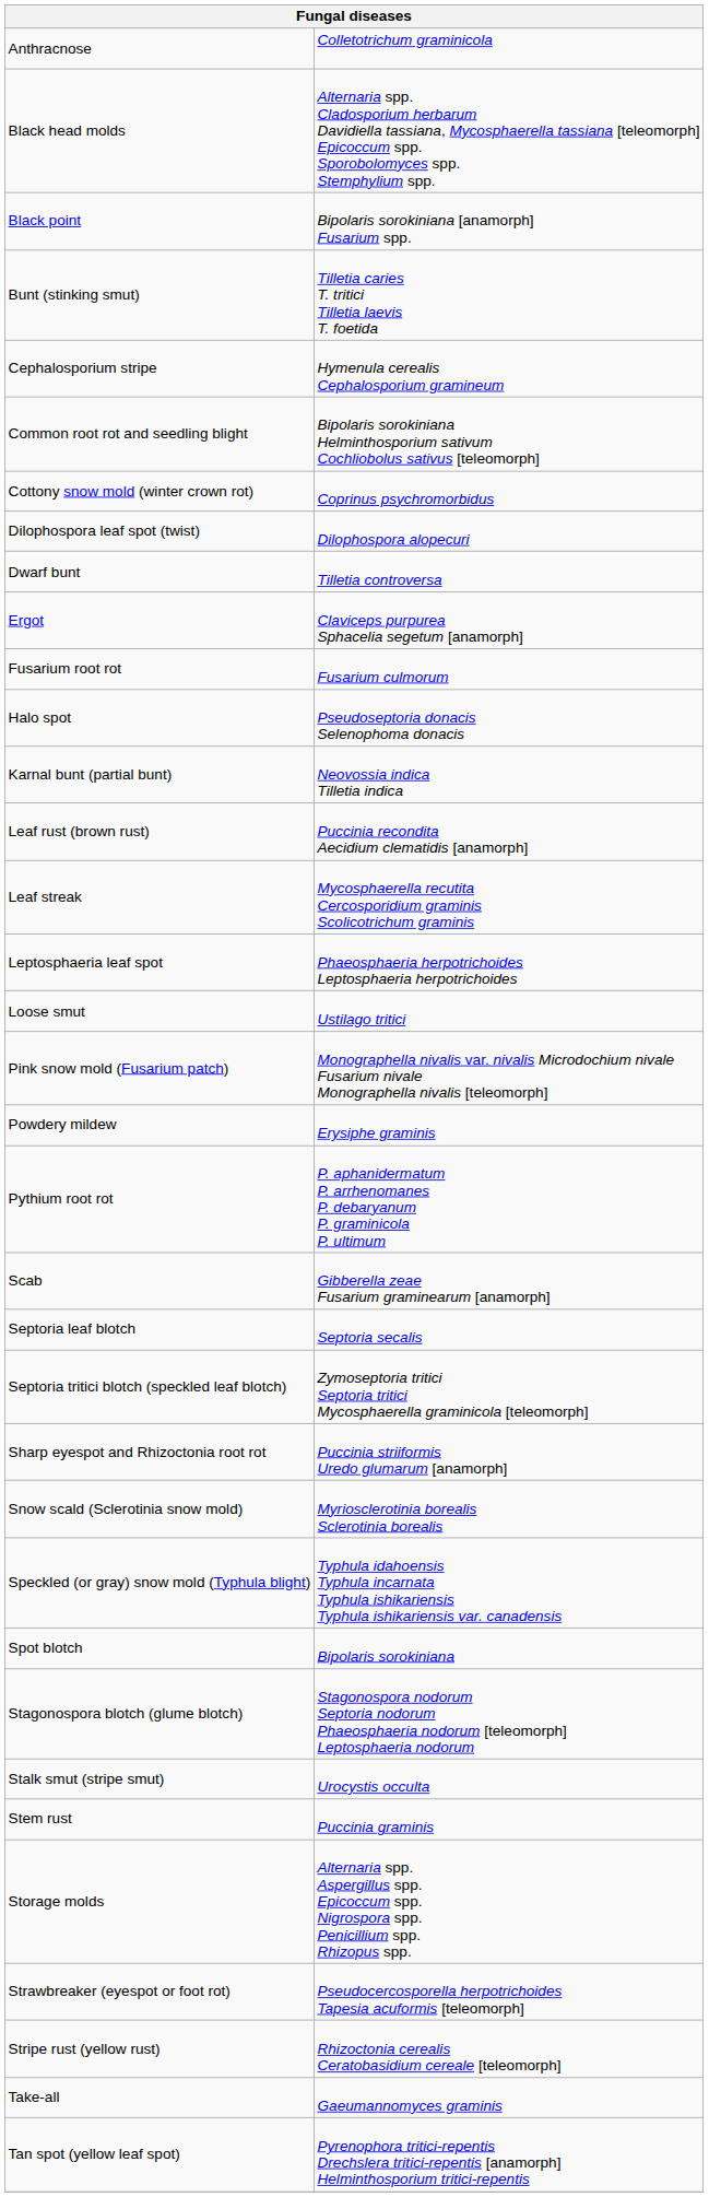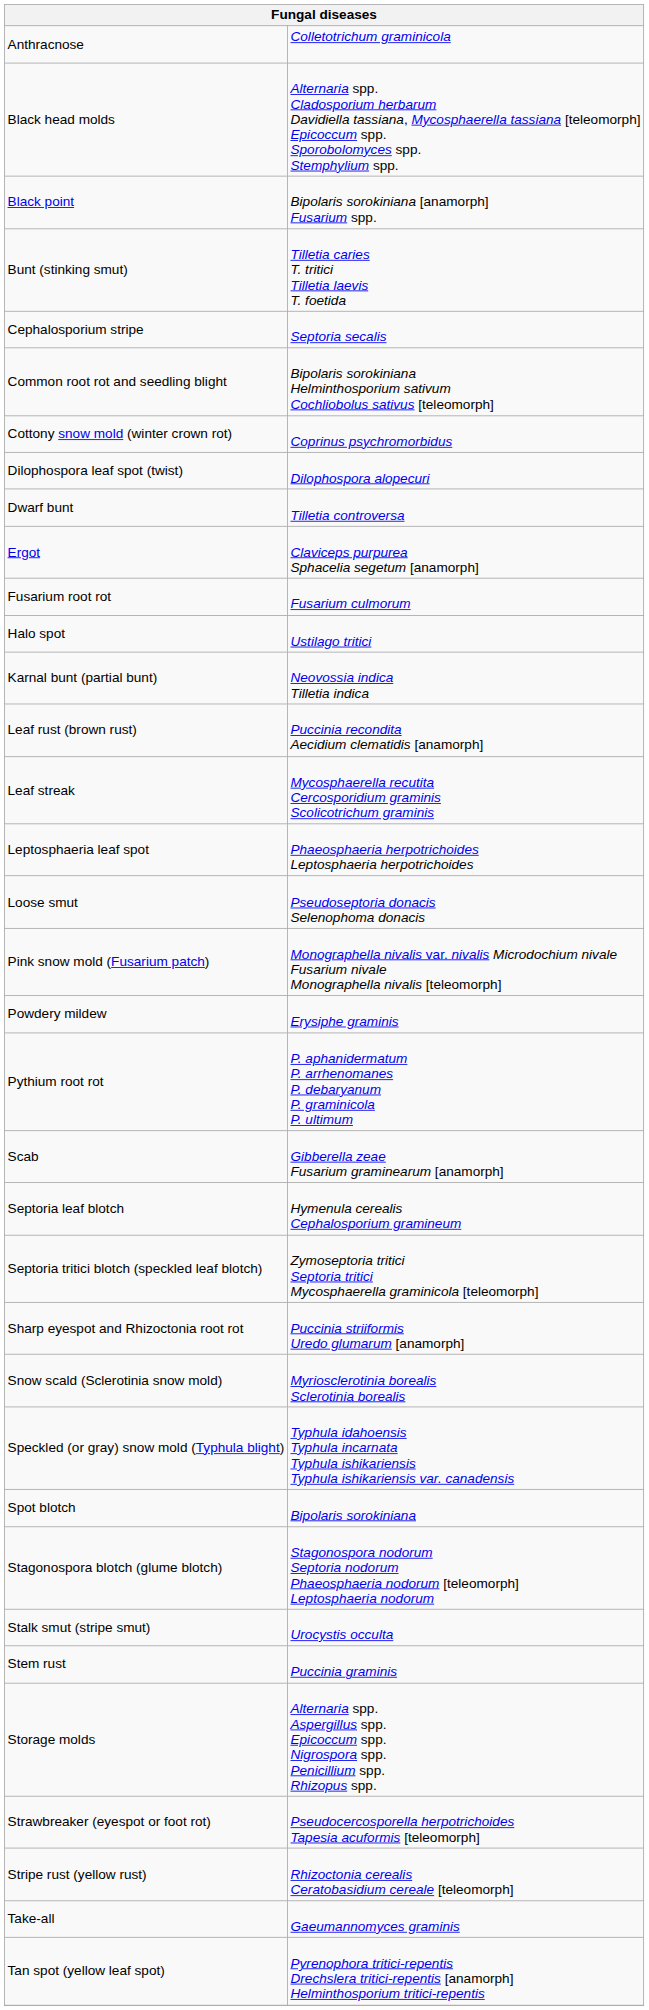 <table class="wikitable" style="clear">
 <tr>
 <th colspan=2><strong>Fungal diseases</strong><br></th>
 </tr>
 <tr>
 <td>Anthracnose</td>
 <td><em><a href='#'>Colletotrichum graminicola</a></em><br><br></td>
 </tr>
 <tr>
 <td>Black head molds</td>
 <td><br><em><a href='#'>Alternaria</a></em> spp. <br> <em><a href='#'>Cladosporium herbarum</a></em><br> <em>Davidiella tassiana</em>, <em><a href='#'>Mycosphaerella tassiana</a></em> [teleomorph]<br> <em><a href='#'>Epicoccum</a></em> spp.<br>  <em><a href='#'>Sporobolomyces</a></em> spp.<br> <em><a href='#'>Stemphylium</a></em> spp.</td>
 </tr>
 <tr>
 <td><a href='#'>Black point</a></td>
 <td><br><em>Bipolaris sorokiniana</em> [anamorph]<br><em><a href='#'>Fusarium</a></em> spp.</td>
 </tr>
 <tr>
 <td>Bunt (stinking smut)</td>
 <td><br><em><a href='#'>Tilletia caries</a></em> <br>  <em>T. tritici</em><br> <em><a href='#'>Tilletia laevis</a></em> <br>  <em>T. foetida</em></td>
 </tr>
 <tr>
 <td>Cephalosporium stripe</td>
-<td><br><em>Hymenula cerealis</em> <br>  <em><a href='#'>Cephalosporium gramineum</a></em></td>
+<td><br><em><a href='#'>Septoria secalis</a></em></td>
 </tr>
 <tr>
 <td>Common root rot and seedling blight</td>
 <td><br><em>Bipolaris sorokiniana</em> <br>  <em>Helminthosporium sativum</em><br> <em><a href='#'>Cochliobolus sativus</a></em> [teleomorph]</td>
 </tr>
 <tr>
 <td>Cottony <a href='#'>snow mold</a> (winter crown rot)</td>
 <td><br><em><a href='#'>Coprinus psychromorbidus</a></em></td>
 </tr>
 <tr>
 <td>Dilophospora leaf spot (twist)</td>
 <td><br><em><a href='#'>Dilophospora alopecuri</a></em></td>
 </tr>
 <tr>
 <td>Dwarf bunt</td>
 <td><br><em><a href='#'>Tilletia controversa</a></em></td>
 </tr>
 <tr>
 <td><a href='#'>Ergot</a></td>
 <td><br><em><a href='#'>Claviceps purpurea</a></em><br> <em>Sphacelia segetum</em> [anamorph]</td>
 </tr>
 <tr>
 <td>Fusarium root rot</td>
 <td><br><em><a href='#'>Fusarium culmorum</a></em></td>
 </tr>
 <tr>
 <td>Halo spot</td>
-<td><br><em><a href='#'>Pseudoseptoria donacis</a></em> <br>  <em>Selenophoma donacis</em></td>
+<td><br><em><a href='#'>Ustilago tritici</a></em></td>
 </tr>
 <tr>
 <td>Karnal bunt (partial bunt)</td>
 <td><br><em><a href='#'>Neovossia indica</a></em> <br>  <em>Tilletia indica</em></td>
 </tr>
 <tr>
 <td>Leaf rust (brown rust)</td>
 <td><br><em><a href='#'>Puccinia recondita</a></em><br> <em>Aecidium clematidis</em> [anamorph]</td>
 </tr>
 <tr>
 <td>Leaf streak</td>
 <td><br><em><a href='#'>Mycosphaerella recutita</a></em> <br>  <em><a href='#'>Cercosporidium graminis</a></em> <br>  <em><a href='#'>Scolicotrichum graminis</a></em></td>
 </tr>
 <tr>
 <td>Leptosphaeria leaf spot</td>
 <td><br><em><a href='#'>Phaeosphaeria herpotrichoides</a></em> <br>  <em>Leptosphaeria herpotrichoides</em></td>
 </tr>
 <tr>
 <td>Loose smut</td>
-<td><br><em><a href='#'>Ustilago tritici</a></em></td>
+<td><br><em><a href='#'>Pseudoseptoria donacis</a></em> <br>  <em>Selenophoma donacis</em></td>
 </tr>
 <tr>
 <td>Pink snow mold (<a href='#'>Fusarium patch</a>)</td>
 <td><br><a href='#'><em>Monographella nivalis</em> var. <em>nivalis</em></a>  <em>Microdochium nivale</em> <br>   <em>Fusarium nivale</em><br>  <em>Monographella nivalis</em> [teleomorph]</td>
 </tr>
 <tr>
 <td>Powdery mildew</td>
 <td><br><em><a href='#'>Erysiphe graminis</a></em></td>
 </tr>
 <tr>
 <td>Pythium root rot</td>
 <td><br><em><a href='#'>P. aphanidermatum</a></em><br> <em><a href='#'>P. arrhenomanes</a></em><br> <em><a href='#'>P. debaryanum</a></em><br> <em><a href='#'>P. graminicola</a></em><br> <em><a href='#'>P. ultimum</a></em></td>
 </tr>
 <tr>
 <td>Scab</td>
 <td><br><em><a href='#'>Gibberella zeae</a></em> <br> <em>Fusarium graminearum</em> [anamorph]</td>
 </tr>
 <tr>
 <td>Septoria leaf blotch</td>
-<td><br><em><a href='#'>Septoria secalis</a></em></td>
+<td><br><em>Hymenula cerealis</em> <br>  <em><a href='#'>Cephalosporium gramineum</a></em></td>
 </tr>
 <tr>
 <td>Septoria tritici blotch (speckled leaf blotch)</td>
 <td><br><em>Zymoseptoria tritici</em><br>  <em><a href='#'>Septoria tritici</a></em><br>  <em>Mycosphaerella graminicola</em> [teleomorph]</td>
 </tr>
 <tr>
 <td>Sharp eyespot and Rhizoctonia root rot</td>
 <td><br><em><a href='#'>Puccinia striiformis</a></em><br> <em><a href='#'>Uredo glumarum</a></em> [anamorph]</td>
 </tr>
 <tr>
 <td>Snow scald (Sclerotinia snow mold)</td>
 <td><br><em><a href='#'>Myriosclerotinia borealis</a></em> <br>  <em><a href='#'>Sclerotinia borealis</a></em></td>
 </tr>
 <tr>
 <td>Speckled (or gray) snow mold (<a href='#'>Typhula blight</a>)</td>
 <td><br><em><a href='#'>Typhula idahoensis</a></em><br> <em><a href='#'>Typhula incarnata</a></em><br>  <em><a href='#'>Typhula ishikariensis</a></em><br>  <em><a href='#'>Typhula ishikariensis var. canadensis</a></em></td>
 </tr>
 <tr>
 <td>Spot blotch</td>
 <td><br><em><a href='#'>Bipolaris sorokiniana</a></em></td>
 </tr>
 <tr>
 <td>Stagonospora blotch (glume blotch)</td>
 <td><br><em><a href='#'>Stagonospora nodorum</a></em> <br>  <em><a href='#'>Septoria nodorum</a></em><br> <em><a href='#'>Phaeosphaeria nodorum</a></em> [teleomorph] <br>  <em><a href='#'>Leptosphaeria nodorum</a></em></td>
 </tr>
 <tr>
 <td>Stalk smut (stripe smut)</td>
 <td><br><em><a href='#'>Urocystis occulta</a></em></td>
 </tr>
 <tr>
 <td>Stem rust</td>
 <td><br><em><a href='#'>Puccinia graminis</a></em></td>
 </tr>
 <tr>
 <td>Storage molds</td>
 <td><br><em><a href='#'>Alternaria</a></em> spp.<br> <em><a href='#'>Aspergillus</a></em> spp.<br>  <em><a href='#'>Epicoccum</a></em> spp.<br>  <em><a href='#'>Nigrospora</a></em> spp.<br>  <em><a href='#'>Penicillium</a></em> spp.<br>  <em><a href='#'>Rhizopus</a></em> spp.</td>
 </tr>
 <tr>
 <td>Strawbreaker (eyespot or foot rot)</td>
 <td><br><em><a href='#'>Pseudocercosporella herpotrichoides</a></em><br> <em><a href='#'>Tapesia acuformis</a></em> [teleomorph]</td>
 </tr>
 <tr>
 <td>Stripe rust (yellow rust)</td>
 <td><br><em><a href='#'>Rhizoctonia cerealis</a></em><br> <em><a href='#'>Ceratobasidium cereale</a></em> [teleomorph]</td>
 </tr>
 <tr>
 <td>Take-all</td>
 <td><br><em><a href='#'>Gaeumannomyces graminis</a></em></td>
 </tr>
 <tr>
 <td>Tan spot (yellow leaf spot)</td>
 <td><br><em><a href='#'>Pyrenophora tritici-repentis</a></em><br> <em><a href='#'>Drechslera tritici-repentis</a></em> [anamorph] <br>  <em><a href='#'>Helminthosporium tritici-repentis</a></em></td>
 </tr>
 <tr>
 </tr>
 </table>
